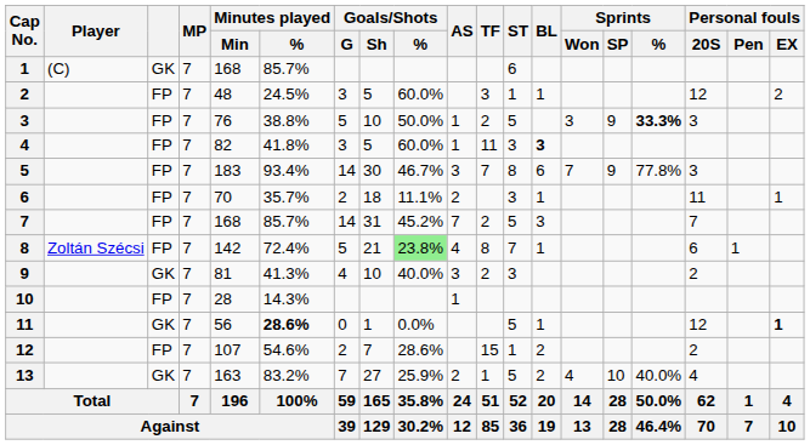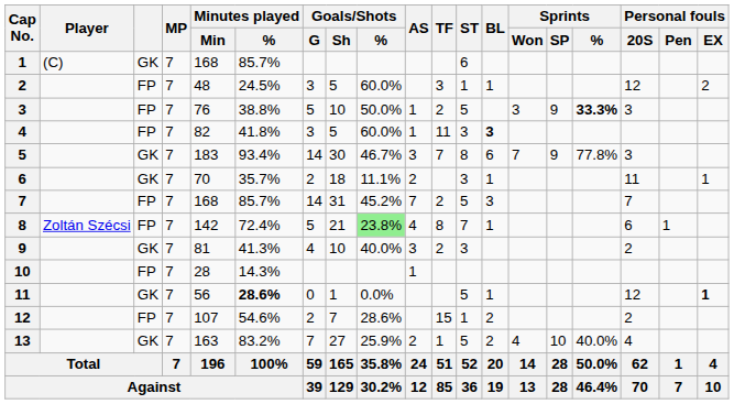 <table class="wikitable sortable sticky-header-multi defaultcenter col2left" style="font-size: 100%; margin-left: 1em;">
 <tr>
 <th scope="col" rowspan="2">Cap<br>No.</th>
 <th scope="col" rowspan="2">Player</th>
 <th scope="col" rowspan="2"></th>
 <th scope="col" rowspan="2">MP</th>
 <th scope="colgroup" colspan="2">Minutes played</th>
 <th scope="colgroup" colspan="3">Goals/Shots</th>
 <th scope="col" rowspan="2">AS</th>
 <th scope="col" rowspan="2">TF</th>
 <th scope="col" rowspan="2">ST</th>
 <th scope="col" rowspan="2">BL</th>
 <th scope="colgroup" colspan="3">Sprints</th>
 <th scope="colgroup" colspan="3">Personal fouls</th>
 </tr>
 <tr>
 <th scope="col">Min</th>
 <th scope="col">%</th>
 <th scope="col">G</th>
 <th scope="col">Sh</th>
 <th scope="col">%</th>
 <th scope="col">Won</th>
 <th scope="col">SP</th>
 <th scope="col">%</th>
 <th scope="col">20S</th>
 <th scope="col">Pen</th>
 <th scope="col">EX</th>
 </tr>
 <tr>
 <th scope="row">1</th>
 <td> (C)</td>
 <td>GK</td>
 <td>7</td>
 <td>168</td>
 <td>85.7%</td>
 <td></td>
 <td></td>
 <td></td>
 <td></td>
 <td></td>
 <td>6</td>
 <td></td>
 <td></td>
 <td></td>
 <td></td>
 <td></td>
 <td></td>
 <td></td>
 </tr>
 <tr>
 <th scope="row">2</th>
 <td></td>
 <td>FP</td>
 <td>7</td>
 <td>48</td>
 <td>24.5%</td>
 <td>3</td>
 <td>5</td>
 <td>60.0%</td>
 <td></td>
 <td>3</td>
 <td>1</td>
 <td>1</td>
 <td></td>
 <td></td>
 <td></td>
 <td>12</td>
 <td></td>
 <td>2</td>
 </tr>
 <tr>
 <th scope="row">3</th>
 <td></td>
 <td>FP</td>
 <td>7</td>
 <td>76</td>
 <td>38.8%</td>
 <td>5</td>
 <td>10</td>
 <td>50.0%</td>
 <td>1</td>
 <td>2</td>
 <td>5</td>
 <td></td>
 <td>3</td>
 <td>9</td>
 <td><strong>33.3%</strong></td>
 <td>3</td>
 <td></td>
 <td></td>
 </tr>
 <tr>
 <th scope="row">4</th>
 <td></td>
 <td>FP</td>
 <td>7</td>
 <td>82</td>
 <td>41.8%</td>
 <td>3</td>
 <td>5</td>
 <td>60.0%</td>
 <td>1</td>
 <td>11</td>
 <td>3</td>
 <td><strong>3</strong></td>
 <td></td>
 <td></td>
 <td></td>
 <td></td>
 <td></td>
 <td></td>
 </tr>
 <tr>
 <th scope="row">5</th>
 <td></td>
-<td>FP</td>
+<td>GK</td>
 <td>7</td>
 <td>183</td>
 <td>93.4%</td>
 <td>14</td>
 <td>30</td>
 <td>46.7%</td>
 <td>3</td>
 <td>7</td>
 <td>8</td>
 <td>6</td>
 <td>7</td>
 <td>9</td>
 <td>77.8%</td>
 <td>3</td>
 <td></td>
 <td></td>
 </tr>
 <tr>
 <th scope="row">6</th>
 <td></td>
-<td>FP</td>
+<td>GK</td>
 <td>7</td>
 <td>70</td>
 <td>35.7%</td>
 <td>2</td>
 <td>18</td>
 <td>11.1%</td>
 <td>2</td>
 <td></td>
 <td>3</td>
 <td>1</td>
 <td></td>
 <td></td>
 <td></td>
 <td>11</td>
 <td></td>
 <td>1</td>
 </tr>
 <tr>
 <th scope="row">7</th>
 <td></td>
 <td>FP</td>
 <td>7</td>
 <td>168</td>
 <td>85.7%</td>
 <td>14</td>
 <td>31</td>
 <td>45.2%</td>
 <td>7</td>
 <td>2</td>
 <td>5</td>
 <td>3</td>
 <td></td>
 <td></td>
 <td></td>
 <td>7</td>
 <td></td>
 <td></td>
 </tr>
 <tr>
 <th scope="row">8</th>
 <td data-sort-value="Szécsi, Zoltán"><a href='#'>Zoltán Szécsi</a></td>
 <td>FP</td>
 <td>7</td>
 <td>142</td>
 <td>72.4%</td>
 <td>5</td>
 <td>21</td>
 <td style="background: lightgreen;">23.8%</td>
 <td>4</td>
 <td>8</td>
 <td>7</td>
 <td>1</td>
 <td></td>
 <td></td>
 <td></td>
 <td>6</td>
 <td>1</td>
 <td></td>
 </tr>
 <tr>
 <th scope="row">9</th>
 <td></td>
 <td>GK</td>
 <td>7</td>
 <td>81</td>
 <td>41.3%</td>
 <td>4</td>
 <td>10</td>
 <td>40.0%</td>
 <td>3</td>
 <td>2</td>
 <td>3</td>
 <td></td>
 <td></td>
 <td></td>
 <td></td>
 <td>2</td>
 <td></td>
 <td></td>
 </tr>
 <tr>
 <th scope="row">10</th>
 <td></td>
 <td>FP</td>
 <td>7</td>
 <td>28</td>
 <td>14.3%</td>
 <td></td>
 <td></td>
 <td></td>
 <td>1</td>
 <td></td>
 <td></td>
 <td></td>
 <td></td>
 <td></td>
 <td></td>
 <td></td>
 <td></td>
 <td></td>
 </tr>
 <tr>
 <th scope="row">11</th>
 <td></td>
 <td>GK</td>
 <td>7</td>
 <td>56</td>
 <td><strong>28.6%</strong></td>
 <td>0</td>
 <td>1</td>
 <td>0.0%</td>
 <td></td>
 <td></td>
 <td>5</td>
 <td>1</td>
 <td></td>
 <td></td>
 <td></td>
 <td>12</td>
 <td></td>
 <td><strong>1</strong></td>
 </tr>
 <tr>
 <th scope="row">12</th>
 <td></td>
 <td>FP</td>
 <td>7</td>
 <td>107</td>
 <td>54.6%</td>
 <td>2</td>
 <td>7</td>
 <td>28.6%</td>
 <td></td>
 <td>15</td>
 <td>1</td>
 <td>2</td>
 <td></td>
 <td></td>
 <td></td>
 <td>2</td>
 <td></td>
 <td></td>
 </tr>
 <tr>
 <th scope="row">13</th>
 <td></td>
 <td>GK</td>
 <td>7</td>
 <td>163</td>
 <td>83.2%</td>
 <td>7</td>
 <td>27</td>
 <td>25.9%</td>
 <td>2</td>
 <td>1</td>
 <td>5</td>
 <td>2</td>
 <td>4</td>
 <td>10</td>
 <td>40.0%</td>
 <td>4</td>
 <td></td>
 <td></td>
 </tr>
 <tr class="sortbottom">
 <th colspan="3">Total</th>
 <th>7</th>
 <th>196</th>
 <th>100%</th>
 <th>59</th>
 <th>165</th>
 <th>35.8%</th>
 <th>24</th>
 <th>51</th>
 <th>52</th>
 <th>20</th>
 <th>14</th>
 <th>28</th>
 <th>50.0%</th>
 <th>62</th>
 <th>1</th>
 <th>4</th>
 </tr>
 <tr class="sortbottom">
 <th colspan="6">Against</th>
 <th>39</th>
 <th>129</th>
 <th>30.2%</th>
 <th>12</th>
 <th>85</th>
 <th>36</th>
 <th>19</th>
 <th>13</th>
 <th>28</th>
 <th>46.4%</th>
 <th>70</th>
 <th>7</th>
 <th>10</th>
 </tr>
 </table>
